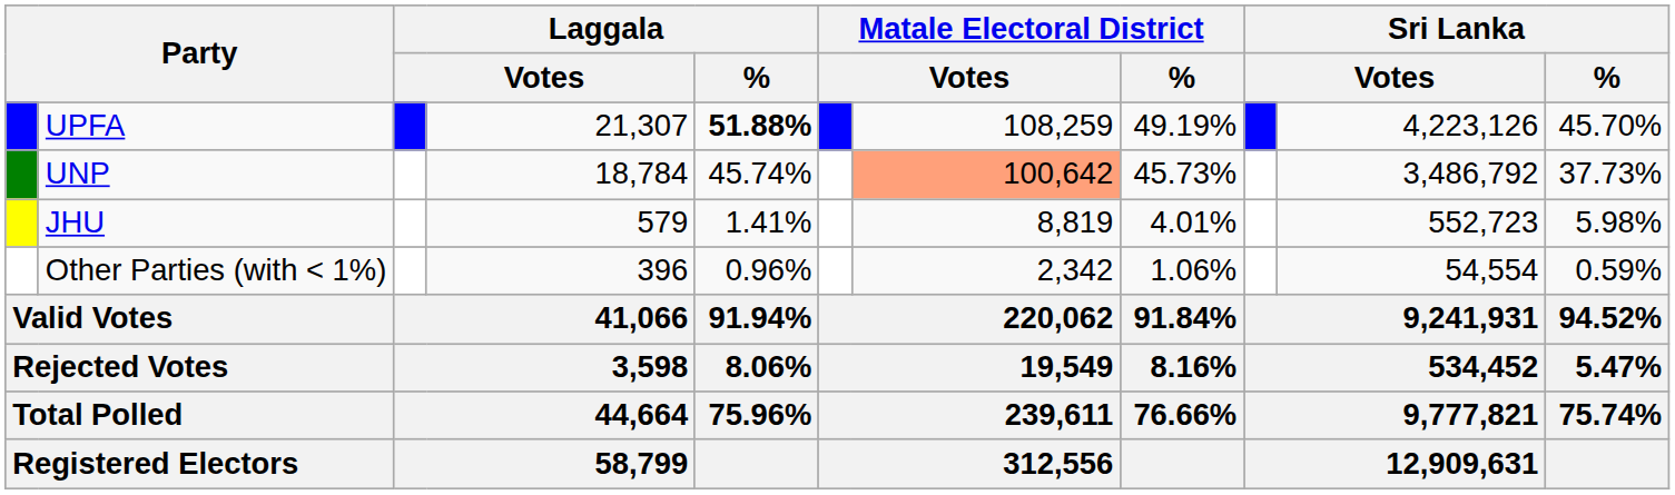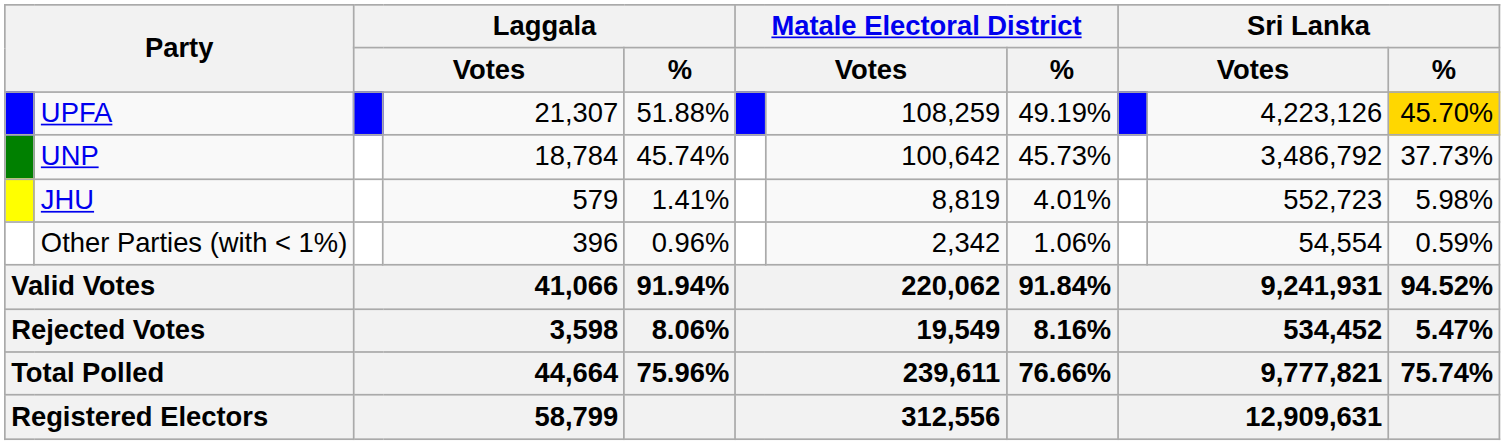 <table class="wikitable">
 <tr>
 <th colspan="2" width="144px"rowspan="2">Party</th>
 <th colspan="3" width="216px">Laggala</th>
 <th colspan="3" width="216px"><a href='#'>Matale Electoral District</a></th>
 <th colspan="3" width="216px">Sri Lanka</th>
 </tr>
 <tr>
 <th colspan="2" width="144px">Votes</th>
 <th>%</th>
 <th colspan="2" width="144px">Votes</th>
 <th>%</th>
 <th colspan="2" width="144px">Votes</th>
 <th>%</th>
 </tr>
 <tr>
 <td style="background-color:blue;" width="10px"></td>
 <td style="text-align:left;"><a href='#'>UPFA</a></td>
 <td style="background-color:blue;" width="10px"></td>
 <td style="text-align:right;">21,307</td>
-<td style="text-align:right;"><strong>51.88%</strong></td>
+<td style="text-align:right;">51.88%</td>
 <td style="background-color:blue;" width="10px"></td>
 <td style="text-align:right;">108,259</td>
 <td style="text-align:right;">49.19%</td>
 <td style="background-color:blue;" width="10px"></td>
 <td style="text-align:right;">4,223,126</td>
-<td style="text-align:right;">45.70%</td>
+<td style="background: gold; text-align:right;">45.70%</td>
 </tr>
 <tr>
 <td style="background-color:green;" width="10px"></td>
 <td style="text-align:left;"><a href='#'>UNP</a></td>
 <td style="background-color:white;" width="10px"></td>
 <td style="text-align:right;">18,784</td>
 <td style="text-align:right;">45.74%</td>
 <td style="background-color:white;" width="10px"></td>
-<td style="background: lightsalmon; text-align:right;">100,642</td>
+<td style="text-align:right;">100,642</td>
 <td style="text-align:right;">45.73%</td>
 <td style="background-color:white;" width="10px"></td>
 <td style="text-align:right;">3,486,792</td>
 <td style="text-align:right;">37.73%</td>
 </tr>
 <tr>
 <td style="background-color:yellow;" width="10px"></td>
 <td style="text-align:left;"><a href='#'>JHU</a></td>
 <td style="background-color:white;" width="10px"></td>
 <td style="text-align:right;">579</td>
 <td style="text-align:right;">1.41%</td>
 <td style="background-color:white;" width="10px"></td>
 <td style="text-align:right;">8,819</td>
 <td style="text-align:right;">4.01%</td>
 <td style="background-color:white;" width="10px"></td>
 <td style="text-align:right;">552,723</td>
 <td style="text-align:right;">5.98%</td>
 </tr>
 <tr>
 <td style="background-color:white;" width="10px"></td>
 <td style="text-align:left;">Other Parties (with < 1%)</td>
 <td style="background-color:white;" width="10px"></td>
 <td style="text-align:right;">396</td>
 <td style="text-align:right;">0.96%</td>
 <td style="background-color:white;" width="10px"></td>
 <td style="text-align:right;">2,342</td>
 <td style="text-align:right;">1.06%</td>
 <td style="background-color:white;" width="10px"></td>
 <td style="text-align:right;">54,554</td>
 <td style="text-align:right;">0.59%</td>
 </tr>
 <tr>
 <th colspan="2" width="144px"style="text-align:left;">Valid Votes</th>
 <th style="text-align:right;"colspan="2" width="144px">41,066</th>
 <th style="text-align:right;">91.94%</th>
 <th style="text-align:right;"colspan="2" width="144px">220,062</th>
 <th style="text-align:right;">91.84%</th>
 <th style="text-align:right;"colspan="2" width="144px">9,241,931</th>
 <th style="text-align:right;">94.52%</th>
 </tr>
 <tr>
 <th colspan="2" width="144px"style="text-align:left;">Rejected Votes</th>
 <th style="text-align:right;"colspan="2" width="144px">3,598</th>
 <th style="text-align:right;">8.06%</th>
 <th style="text-align:right;"colspan="2" width="144px">19,549</th>
 <th style="text-align:right;">8.16%</th>
 <th style="text-align:right;"colspan="2" width="144px">534,452</th>
 <th style="text-align:right;">5.47%</th>
 </tr>
 <tr>
 <th colspan="2" width="144px"style="text-align:left;">Total Polled</th>
 <th style="text-align:right;"colspan="2" width="144px">44,664</th>
 <th style="text-align:right;">75.96%</th>
 <th style="text-align:right;"colspan="2" width="144px">239,611</th>
 <th style="text-align:right;">76.66%</th>
 <th style="text-align:right;"colspan="2" width="144px">9,777,821</th>
 <th style="text-align:right;">75.74%</th>
 </tr>
 <tr>
 <th colspan="2" width="144px"style="text-align:left;">Registered Electors</th>
 <th style="text-align:right;"colspan="2" width="144px">58,799</th>
 <th></th>
 <th style="text-align:right;"colspan="2" width="144px">312,556</th>
 <th></th>
 <th style="text-align:right;"colspan="2" width="144px">12,909,631</th>
 <th></th>
 </tr>
 </table>
